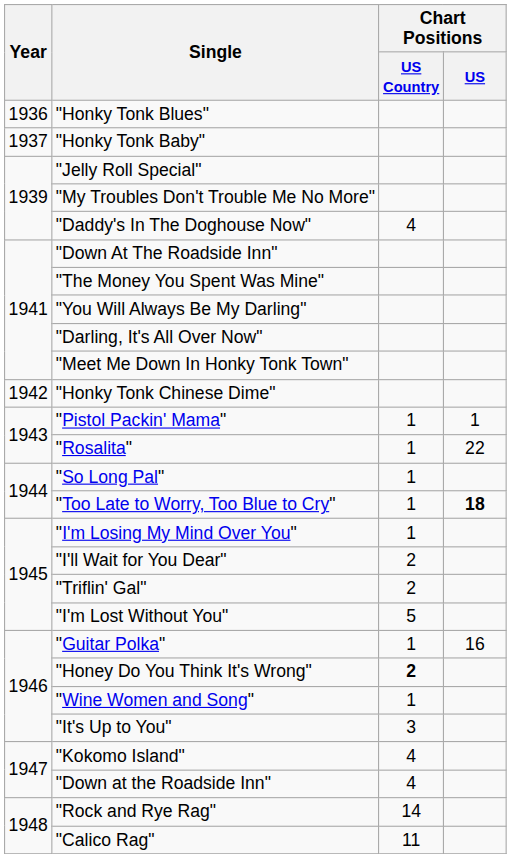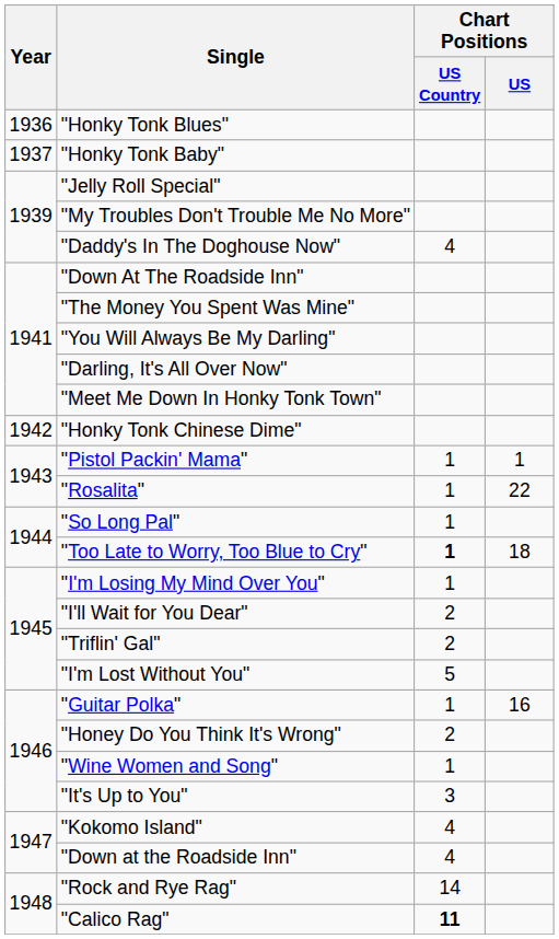 <table class="wikitable">
 <tr>
 <th rowspan="2">Year</th>
 <th rowspan="2">Single</th>
 <th colspan="2">Chart Positions</th>
 </tr>
 <tr>
 <th width="50"><small><a href='#'>US Country</a></small></th>
 <th width="50"><small><a href='#'>US</a></small></th>
 </tr>
 <tr>
 <td rowspan="1">1936</td>
 <td>"Honky Tonk Blues"</td>
 <td></td>
 <td></td>
 </tr>
 <tr>
 <td rowspan="1">1937</td>
 <td>"Honky Tonk Baby"</td>
 <td></td>
 <td></td>
 </tr>
 <tr>
 <td rowspan="3">1939</td>
 <td>"Jelly Roll Special"</td>
 <td></td>
 <td></td>
 </tr>
 <tr>
 <td>"My Troubles Don't Trouble Me No More"</td>
 <td></td>
 <td></td>
 </tr>
 <tr>
 <td>"Daddy's In The Doghouse Now"</td>
 <td align="center">4</td>
 <td align="center"></td>
 </tr>
 <tr>
 <td rowspan="5">1941</td>
 <td>"Down At The Roadside Inn"</td>
 <td></td>
 <td></td>
 </tr>
 <tr>
 <td>"The Money You Spent Was Mine"</td>
 <td></td>
 <td></td>
 </tr>
 <tr>
 <td>"You Will Always Be My Darling"</td>
 <td></td>
 <td></td>
 </tr>
 <tr>
 <td>"Darling, It's All Over Now"</td>
 <td></td>
 <td></td>
 </tr>
 <tr>
 <td>"Meet Me Down In Honky Tonk Town"</td>
 <td></td>
 <td></td>
 </tr>
 <tr>
 <td rowspan="1">1942</td>
 <td>"Honky Tonk Chinese Dime"</td>
 <td></td>
 <td></td>
 </tr>
 <tr>
 <td rowspan="2">1943</td>
 <td>"<a href='#'>Pistol Packin' Mama</a>"</td>
 <td align="center">1</td>
 <td align="center">1</td>
 </tr>
 <tr>
 <td>"<a href='#'>Rosalita</a>"</td>
 <td align="center">1</td>
 <td align="center">22</td>
 </tr>
 <tr>
 <td rowspan="2">1944</td>
 <td>"<a href='#'>So Long Pal</a>"</td>
 <td align="center">1</td>
 <td></td>
 </tr>
 <tr>
 <td>"<a href='#'>Too Late to Worry, Too Blue to Cry</a>"</td>
-<td align="center">1</td>
-<td align="center"><strong>18</strong></td>
+<td align="center"><strong>1</strong></td>
+<td align="center">18</td>
 </tr>
 <tr>
 <td rowspan="4">1945</td>
 <td>"<a href='#'>I'm Losing My Mind Over You</a>"</td>
 <td align="center">1</td>
 <td></td>
 </tr>
 <tr>
 <td>"I'll Wait for You Dear"</td>
 <td align="center">2</td>
 <td></td>
 </tr>
 <tr>
 <td>"Triflin' Gal"</td>
 <td align="center">2</td>
 <td></td>
 </tr>
 <tr>
 <td>"I'm Lost Without You"</td>
 <td align="center">5</td>
 <td></td>
 </tr>
 <tr>
 <td rowspan="4">1946</td>
 <td>"<a href='#'>Guitar Polka</a>"</td>
 <td align="center">1</td>
 <td align="center">16</td>
 </tr>
 <tr>
 <td>"Honey Do You Think It's Wrong"</td>
-<td align="center"><strong>2</strong></td>
+<td align="center">2</td>
 <td></td>
 </tr>
 <tr>
 <td>"<a href='#'>Wine Women and Song</a>"</td>
 <td align="center">1</td>
 <td></td>
 </tr>
 <tr>
 <td>"It's Up to You"</td>
 <td align="center">3</td>
 <td></td>
 </tr>
 <tr>
 <td rowspan="2">1947</td>
 <td>"Kokomo Island"</td>
 <td align="center">4</td>
 <td></td>
 </tr>
 <tr>
 <td>"Down at the Roadside Inn"</td>
 <td align="center">4</td>
 <td></td>
 </tr>
 <tr>
 <td rowspan="2">1948</td>
 <td>"Rock and Rye Rag"</td>
 <td align="center">14</td>
 <td></td>
 </tr>
 <tr>
 <td>"Calico Rag"</td>
-<td align="center">11</td>
+<td align="center"><strong>11</strong></td>
 <td></td>
 </tr>
 </table>
